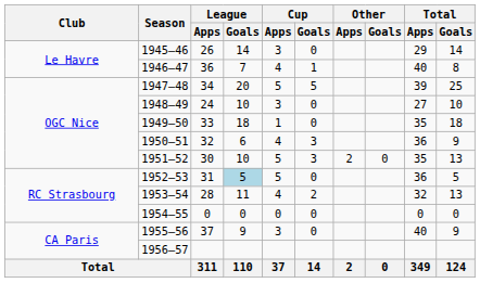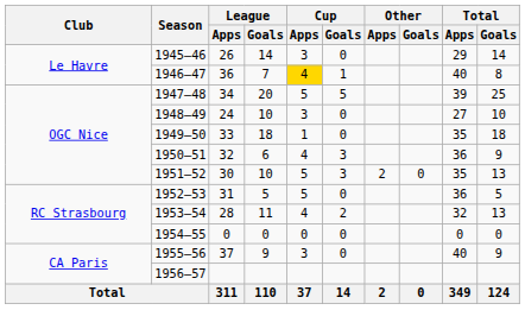 <table class="wikitable" style="text-align:center">
 <tr>
 <th rowspan="2" width="150">Club</th>
 <th rowspan="2">Season</th>
 <th colspan="2">League</th>
 <th colspan="2">Cup</th>
 <th colspan="2">Other</th>
 <th colspan="2">Total</th>
 </tr>
 <tr>
 <th>Apps</th>
 <th>Goals</th>
 <th>Apps</th>
 <th>Goals</th>
 <th>Apps</th>
 <th>Goals</th>
 <th>Apps</th>
 <th>Goals</th>
 </tr>
 <tr>
 <td rowspan="2"><a href='#'>Le Havre</a></td>
 <td>1945–46</td>
 <td>26</td>
 <td>14</td>
 <td>3</td>
 <td>0</td>
 <td></td>
 <td></td>
 <td>29</td>
 <td>14</td>
 </tr>
 <tr>
 <td>1946–47</td>
 <td>36</td>
 <td>7</td>
-<td>4</td>
+<td style="background: gold;">4</td>
 <td>1</td>
 <td></td>
 <td></td>
 <td>40</td>
 <td>8</td>
 </tr>
 <tr>
 <td rowspan="5"><a href='#'>OGC Nice</a></td>
 <td>1947–48</td>
 <td>34</td>
 <td>20</td>
 <td>5</td>
 <td>5</td>
 <td></td>
 <td></td>
 <td>39</td>
 <td>25</td>
 </tr>
 <tr>
 <td>1948–49</td>
 <td>24</td>
 <td>10</td>
 <td>3</td>
 <td>0</td>
 <td></td>
 <td></td>
 <td>27</td>
 <td>10</td>
 </tr>
 <tr>
 <td>1949–50</td>
 <td>33</td>
 <td>18</td>
 <td>1</td>
 <td>0</td>
 <td></td>
 <td></td>
 <td>35</td>
 <td>18</td>
 </tr>
 <tr>
 <td>1950–51</td>
 <td>32</td>
 <td>6</td>
 <td>4</td>
 <td>3</td>
 <td></td>
 <td></td>
 <td>36</td>
 <td>9</td>
 </tr>
 <tr>
 <td>1951–52</td>
 <td>30</td>
 <td>10</td>
 <td>5</td>
 <td>3</td>
 <td>2</td>
 <td>0</td>
 <td>35</td>
 <td>13</td>
 </tr>
 <tr>
 <td rowspan="3"><a href='#'>RC Strasbourg</a></td>
 <td>1952–53</td>
 <td>31</td>
-<td style="background: lightblue;">5</td>
+<td>5</td>
 <td>5</td>
 <td>0</td>
 <td></td>
 <td></td>
 <td>36</td>
 <td>5</td>
 </tr>
 <tr>
 <td>1953–54</td>
 <td>28</td>
 <td>11</td>
 <td>4</td>
 <td>2</td>
 <td></td>
 <td></td>
 <td>32</td>
 <td>13</td>
 </tr>
 <tr>
 <td>1954–55</td>
 <td>0</td>
 <td>0</td>
 <td>0</td>
 <td>0</td>
 <td></td>
 <td></td>
 <td>0</td>
 <td>0</td>
 </tr>
 <tr>
 <td rowspan="2"><a href='#'>CA Paris</a></td>
 <td>1955–56</td>
 <td>37</td>
 <td>9</td>
 <td>3</td>
 <td>0</td>
 <td></td>
 <td></td>
 <td>40</td>
 <td>9</td>
 </tr>
 <tr>
 <td>1956–57</td>
 <td></td>
 <td></td>
 <td></td>
 <td></td>
 <td></td>
 <td></td>
 <td></td>
 <td></td>
 </tr>
 <tr>
 <th colspan="2">Total</th>
 <th>311</th>
 <th>110</th>
 <th>37</th>
 <th>14</th>
 <th>2</th>
 <th>0</th>
 <th>349</th>
 <th>124</th>
 </tr>
 </table>
